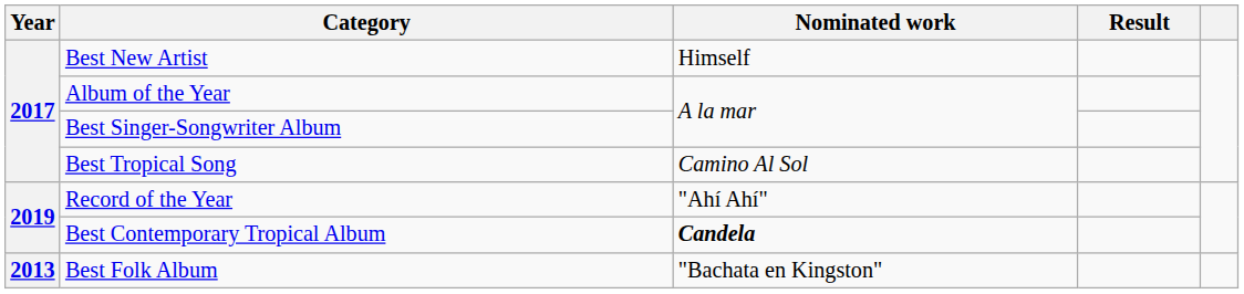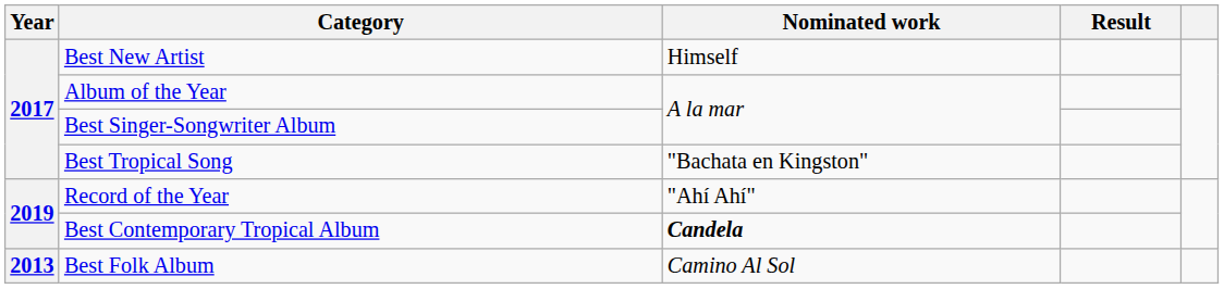 <table class="wikitable plainrowheaders" style="width:70%;">
 <tr>
 <th scope="col" style="width:4%;">Year</th>
 <th scope="col" style="width:50%;">Category</th>
 <th scope="col" style="width:33%;">Nominated work</th>
 <th scope="col" style="width:10%;">Result</th>
 <th scope="col" style="width:4%;"></th>
 </tr>
 <tr>
 <th scope="row" rowspan="4"><a href='#'>2017</a></th>
 <td><a href='#'>Best New Artist</a></td>
 <td>Himself</td>
 <td></td>
 <td style="text-align:center;" rowspan="4"></td>
 </tr>
 <tr>
 <td><a href='#'>Album of the Year</a></td>
 <td rowspan="2"><em>A la mar</em></td>
 <td></td>
 </tr>
 <tr>
 <td><a href='#'>Best Singer-Songwriter Album</a></td>
 <td></td>
 </tr>
 <tr>
 <td><a href='#'>Best Tropical Song</a></td>
-<td><em>Camino Al Sol</em></td>
+<td>"Bachata en Kingston"</td>
 <td></td>
 </tr>
 <tr>
 <th scope="row" rowspan="2"><a href='#'>2019</a></th>
 <td><a href='#'>Record of the Year</a></td>
 <td>"Ahí Ahí"</td>
 <td></td>
 <td style="text-align:center;" rowspan="2"></td>
 </tr>
 <tr>
 <td><a href='#'>Best Contemporary Tropical Album</a></td>
 <td><strong><em>Candela</em></strong></td>
 <td></td>
 </tr>
 <tr>
 <th><a href='#'>2013</a></th>
 <td><a href='#'>Best Folk Album</a></td>
-<td>"Bachata en Kingston"</td>
+<td><em>Camino Al Sol</em></td>
 <td></td>
 <td></td>
 </tr>
 </table>
